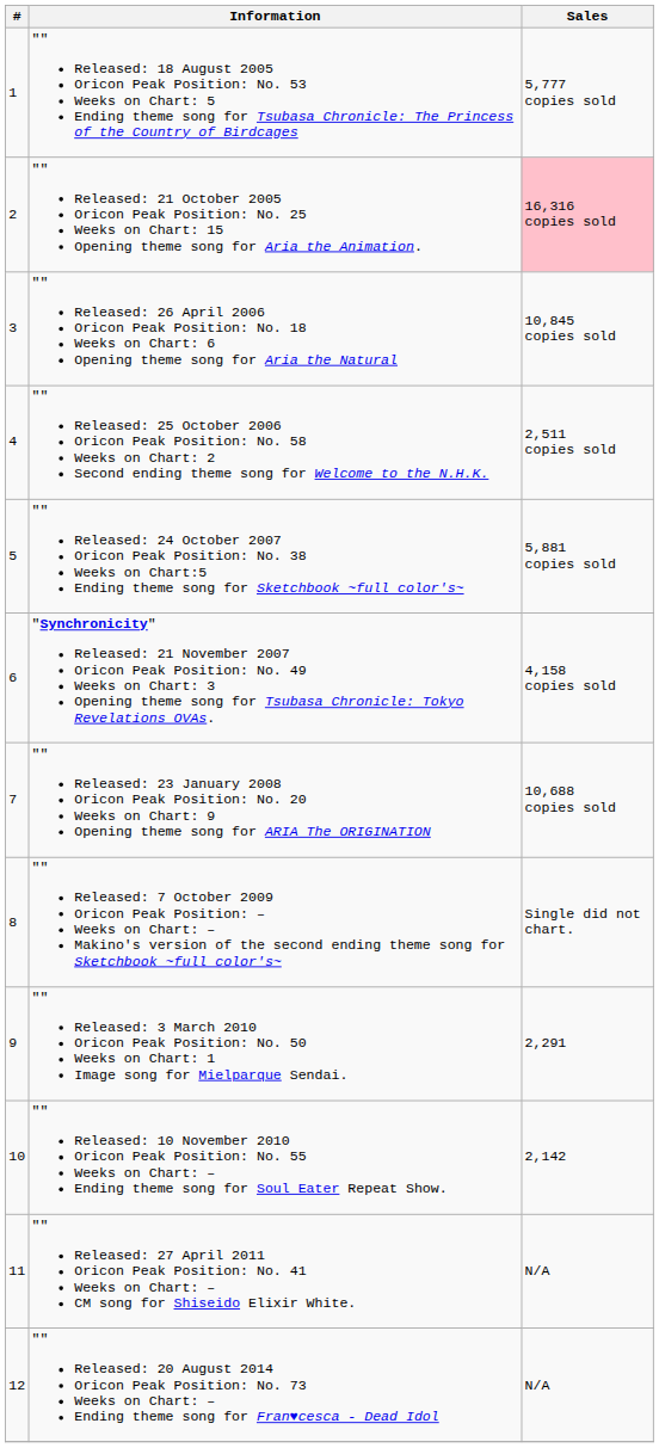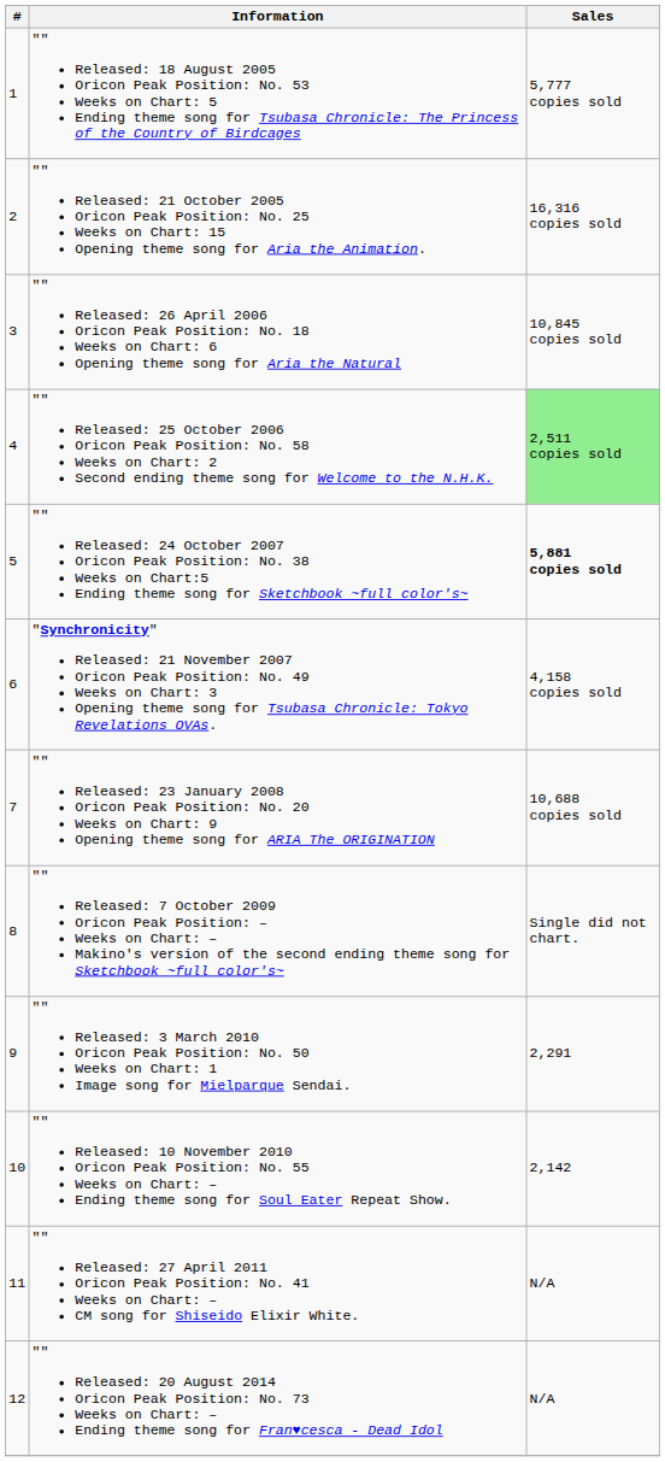 <table class="wikitable">
 <tr>
 <th>#</th>
 <th>Information</th>
 <th>Sales</th>
 </tr>
 <tr>
 <td>1</td>
 <td>"<strong></strong>"<br><ul><li>Released: 18 August 2005</li><li>Oricon Peak Position: No. 53</li><li>Weeks on Chart: 5</li><li>Ending theme song for <em><a href='#'>Tsubasa Chronicle: The Princess of the Country of Birdcages</a></em></li></ul></td>
 <td>5,777<br>copies sold</td>
 </tr>
 <tr>
 <td>2</td>
 <td>"<strong></strong>"<br><ul><li>Released: 21 October 2005</li><li>Oricon Peak Position: No. 25</li><li>Weeks on Chart: 15</li><li>Opening theme song for <em><a href='#'>Aria the Animation</a></em>.</li></ul></td>
-<td style="background: pink;">16,316<br>copies sold</td>
+<td>16,316<br>copies sold</td>
 </tr>
 <tr>
 <td>3</td>
 <td>"<strong></strong>"<br><ul><li>Released: 26 April 2006</li><li>Oricon Peak Position: No. 18</li><li>Weeks on Chart: 6</li><li>Opening theme song for <em><a href='#'>Aria the Natural</a></em></li></ul></td>
 <td>10,845<br>copies sold</td>
 </tr>
 <tr>
 <td>4</td>
 <td>"<strong></strong>"<br><ul><li>Released: 25 October 2006</li><li>Oricon Peak Position: No. 58</li><li>Weeks on Chart: 2</li><li>Second ending theme song for <em><a href='#'>Welcome to the N.H.K.</a></em></li></ul></td>
-<td>2,511<br>copies sold</td>
+<td style="background: lightgreen;">2,511<br>copies sold</td>
 </tr>
 <tr>
 <td>5</td>
 <td>"<strong></strong>"<br><ul><li>Released: 24 October 2007</li><li>Oricon Peak Position: No. 38</li><li>Weeks on Chart:5</li><li>Ending theme song for <em><a href='#'>Sketchbook ~full color's~</a></em></li></ul></td>
-<td>5,881<br>copies sold</td>
+<td><strong>5,881<br>copies sold</strong></td>
 </tr>
 <tr>
 <td>6</td>
 <td>"<strong><a href='#'>Synchronicity</a></strong>"<br><ul><li>Released: 21 November 2007</li><li>Oricon Peak Position: No. 49</li><li>Weeks on Chart: 3</li><li>Opening theme song for <em><a href='#'>Tsubasa Chronicle: Tokyo Revelations OVAs</a></em>.</li></ul></td>
 <td>4,158<br>copies sold</td>
 </tr>
 <tr>
 <td>7</td>
 <td>"<strong></strong>"<br><ul><li>Released: 23 January 2008</li><li>Oricon Peak Position: No. 20</li><li>Weeks on Chart: 9</li><li>Opening theme song for <em><a href='#'>ARIA The ORIGINATION</a></em></li></ul></td>
 <td>10,688<br>copies sold</td>
 </tr>
 <tr>
 <td>8</td>
 <td>"<strong></strong>"<br><ul><li>Released: 7 October 2009</li><li>Oricon Peak Position: –</li><li>Weeks on Chart: –</li><li>Makino's version of the second ending theme song for <em><a href='#'>Sketchbook ~full color's~</a></em></li></ul></td>
 <td>Single did not chart.</td>
 </tr>
 <tr>
 <td>9</td>
 <td>"<strong></strong>"<br><ul><li>Released: 3 March 2010</li><li>Oricon Peak Position: No. 50</li><li>Weeks on Chart: 1</li><li>Image song for <a href='#'>Mielparque</a> Sendai.</li></ul></td>
 <td>2,291</td>
 </tr>
 <tr>
 <td>10</td>
 <td>"<strong></strong>"<br><ul><li>Released: 10 November 2010</li><li>Oricon Peak Position: No. 55</li><li>Weeks on Chart: –</li><li>Ending theme song for <a href='#'>Soul Eater</a> Repeat Show.</li></ul></td>
 <td>2,142</td>
 </tr>
 <tr>
 <td>11</td>
 <td>"<strong></strong>"<br><ul><li>Released: 27 April 2011</li><li>Oricon Peak Position: No. 41</li><li>Weeks on Chart: –</li><li>CM song for <a href='#'>Shiseido</a> Elixir White.</li></ul></td>
 <td>N/A</td>
 </tr>
 <tr>
 <td>12</td>
 <td>"<strong></strong>"<br><ul><li>Released: 20 August 2014</li><li>Oricon Peak Position: No. 73</li><li>Weeks on Chart: –</li><li>Ending theme song for <em><a href='#'>Fran♥cesca - Dead Idol</a></em></li></ul></td>
 <td>N/A</td>
 </tr>
 <tr>
 </tr>
 </table>
